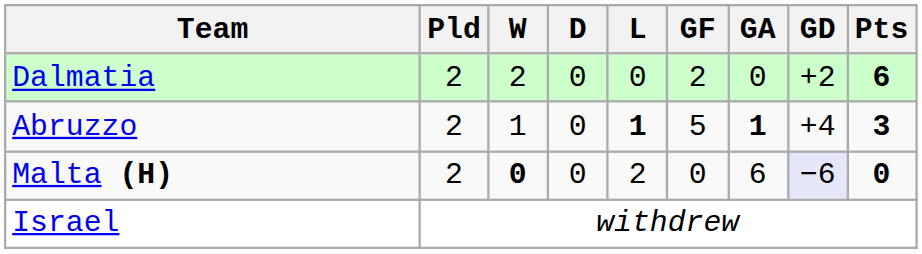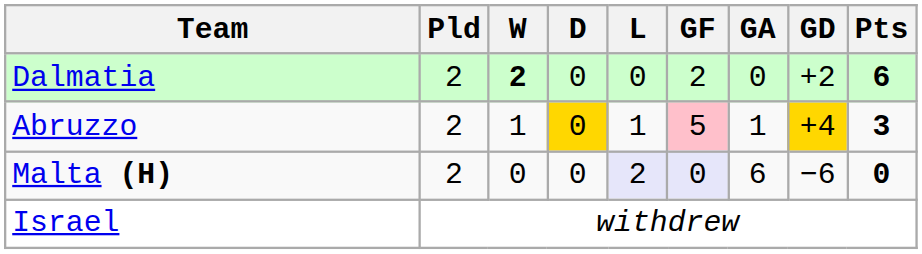 <table class="wikitable" style="text-align:center;">
 <tr>
 <th width=175>Team</th>
 <th width=20 abbr="Played">Pld</th>
 <th width=20 abbr="Won">W</th>
 <th width=20 abbr="Drawn">D</th>
 <th width=20 abbr="Lost">L</th>
 <th width=20 abbr="Goals for">GF</th>
 <th width=20 abbr="Goals against">GA</th>
 <th width=20 abbr="Goal difference">GD</th>
 <th width=20 abbr="Points">Pts</th>
 </tr>
 <tr bgcolor=#ccffcc>
 <td align=left> <a href='#'>Dalmatia</a></td>
 <td>2</td>
-<td>2</td>
+<td><strong>2</strong></td>
 <td>0</td>
 <td>0</td>
 <td>2</td>
 <td>0</td>
 <td>+2</td>
 <td><strong>6</strong></td>
 </tr>
 <tr>
 <td align=left> <a href='#'>Abruzzo</a></td>
 <td>2</td>
 <td>1</td>
-<td>0</td>
-<td><strong>1</strong></td>
-<td>5</td>
-<td><strong>1</strong></td>
-<td>+4</td>
+<td style="background: gold;">0</td>
+<td>1</td>
+<td style="background: pink;">5</td>
+<td>1</td>
+<td style="background: gold;">+4</td>
 <td><strong>3</strong></td>
 </tr>
 <tr>
 <td align=left> <a href='#'>Malta</a> <strong>(H)</strong></td>
 <td>2</td>
-<td><strong>0</strong></td>
 <td>0</td>
-<td>2</td>
 <td>0</td>
+<td style="background: lavender;">2</td>
+<td style="background: lavender;">0</td>
 <td>6</td>
-<td style="background: lavender;">−6</td>
+<td>−6</td>
 <td><strong>0</strong></td>
 </tr>
 <tr bgcolor=#ffffff>
 <td align=left> <a href='#'>Israel</a></td>
 <td colspan=8><em>withdrew</em></td>
 </tr>
 </table>
